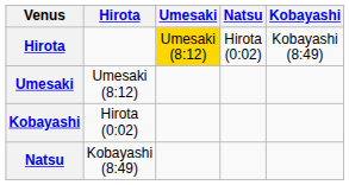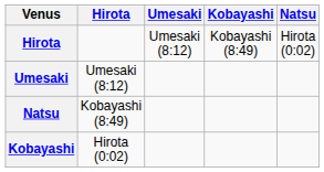 <table class="wikitable" style="text-align:center; margin: 1em auto 1em auto">
 <tr>
 <th>Venus</th>
 <th><a href='#'>Hirota</a></th>
 <th><a href='#'>Umesaki</a></th>
+<th><a href='#'>Kobayashi</a></th>
 <th><a href='#'>Natsu</a></th>
-<th><a href='#'>Kobayashi</a></th>
 </tr>
 <tr>
 <th><a href='#'>Hirota</a></th>
 <td></td>
-<td style="background: gold;">Umesaki<br>(8:12)</td>
+<td>Umesaki<br>(8:12)</td>
+<td>Kobayashi<br>(8:49)</td>
 <td>Hirota<br>(0:02)</td>
-<td>Kobayashi<br>(8:49)</td>
 </tr>
 <tr>
 <th><a href='#'>Umesaki</a></th>
 <td>Umesaki<br>(8:12)</td>
+<td></td>
+<td></td>
+<td></td>
+</tr>
+<tr>
+<th><a href='#'>Natsu</a></th>
+<td>Kobayashi<br>(8:49)</td>
 <td></td>
 <td></td>
 <td></td>
 </tr>
 <tr>
 <th><a href='#'>Kobayashi</a></th>
 <td>Hirota<br>(0:02)</td>
 <td></td>
 <td></td>
 <td></td>
 </tr>
-<tr>
-<th><a href='#'>Natsu</a></th>
-<td>Kobayashi<br>(8:49)</td>
-<td></td>
-<td></td>
-<td></td>
-</tr>
 </table>
